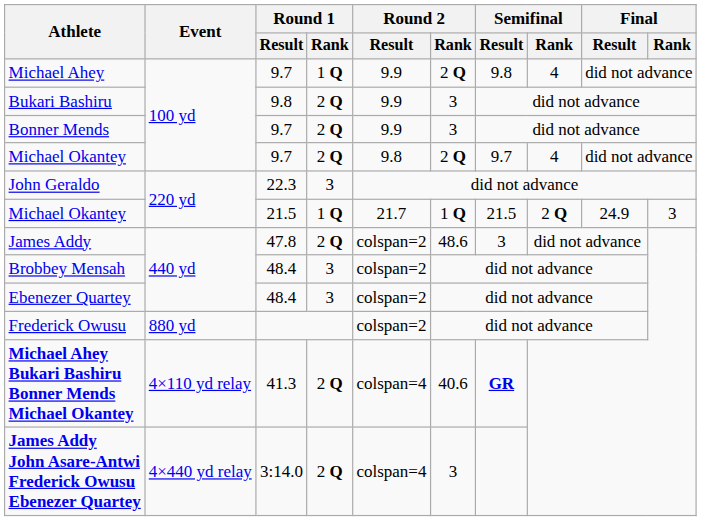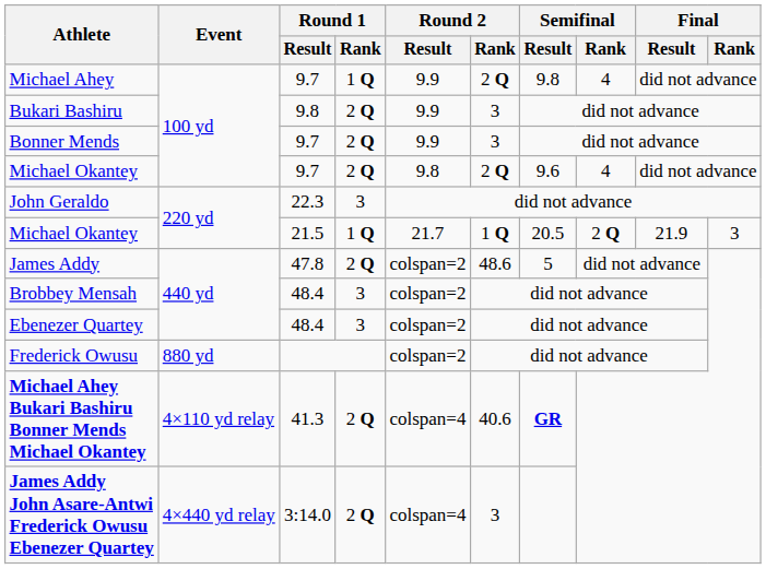 <table class=wikitable style=font-size:90%>
 <tr>
 <th rowspan=2>Athlete</th>
 <th rowspan=2>Event</th>
 <th colspan=2>Round 1</th>
 <th colspan=2>Round 2</th>
 <th colspan=2>Semifinal</th>
 <th colspan=2>Final</th>
 </tr>
 <tr style=font-size:95%>
 <th>Result</th>
 <th>Rank</th>
 <th>Result</th>
 <th>Rank</th>
 <th>Result</th>
 <th>Rank</th>
 <th>Result</th>
 <th>Rank</th>
 </tr>
 <tr align=center>
 <td align=left><a href='#'>Michael Ahey</a></td>
 <td align=left rowspan=4><a href='#'>100 yd</a></td>
 <td>9.7</td>
 <td>1 <strong>Q</strong></td>
 <td>9.9</td>
 <td>2 <strong>Q</strong></td>
 <td>9.8</td>
 <td>4</td>
 <td colspan=2>did not advance</td>
 </tr>
 <tr align=center>
 <td align=left><a href='#'>Bukari Bashiru</a></td>
 <td>9.8</td>
 <td>2 <strong>Q</strong></td>
 <td>9.9</td>
 <td>3</td>
 <td colspan=4>did not advance</td>
 </tr>
 <tr align=center>
 <td align=left><a href='#'>Bonner Mends</a></td>
 <td>9.7</td>
 <td>2 <strong>Q</strong></td>
 <td>9.9</td>
 <td>3</td>
 <td colspan=4>did not advance</td>
 </tr>
 <tr align=center>
 <td align=left><a href='#'>Michael Okantey</a></td>
 <td>9.7</td>
 <td>2 <strong>Q</strong></td>
 <td>9.8</td>
 <td>2 <strong>Q</strong></td>
-<td>9.7</td>
+<td>9.6</td>
 <td>4</td>
 <td colspan=2>did not advance</td>
 </tr>
 <tr align=center>
 <td align=left><a href='#'>John Geraldo</a></td>
 <td align=left rowspan=2><a href='#'>220 yd</a></td>
 <td>22.3</td>
 <td>3</td>
 <td colspan=6>did not advance</td>
 </tr>
 <tr align=center>
 <td align=left><a href='#'>Michael Okantey</a></td>
 <td>21.5</td>
 <td>1 <strong>Q</strong></td>
 <td>21.7</td>
 <td>1 <strong>Q</strong></td>
-<td>21.5</td>
+<td>20.5</td>
 <td>2 <strong>Q</strong></td>
-<td>24.9</td>
+<td>21.9</td>
 <td>3</td>
 </tr>
 <tr align=center>
 <td align=left><a href='#'>James Addy</a></td>
 <td align=left rowspan=3><a href='#'>440 yd</a></td>
 <td>47.8</td>
 <td>2 <strong>Q</strong></td>
 <td>colspan=2 </td>
 <td>48.6</td>
-<td>3</td>
+<td>5</td>
 <td colspan=2>did not advance</td>
 </tr>
 <tr align=center>
 <td align=left><a href='#'>Brobbey Mensah</a></td>
 <td>48.4</td>
 <td>3</td>
 <td>colspan=2 </td>
 <td colspan=4>did not advance</td>
 </tr>
 <tr align=center>
 <td align=left><a href='#'>Ebenezer Quartey</a></td>
 <td>48.4</td>
 <td>3</td>
 <td>colspan=2 </td>
 <td colspan=4>did not advance</td>
 </tr>
 <tr align=center>
 <td align=left><a href='#'>Frederick Owusu</a></td>
 <td align=left><a href='#'>880 yd</a></td>
 <td colspan=2></td>
 <td>colspan=2 </td>
 <td colspan=4>did not advance</td>
 </tr>
 <tr align=center>
 <td align=left><strong><a href='#'>Michael Ahey</a><br><a href='#'>Bukari Bashiru</a><br><a href='#'>Bonner Mends</a><br><a href='#'>Michael Okantey</a></strong></td>
 <td align=left><a href='#'>4×110 yd relay</a></td>
 <td>41.3</td>
 <td>2 <strong>Q</strong></td>
 <td>colspan=4 </td>
 <td>40.6</td>
 <td> <strong><a href='#'>GR</a></strong></td>
 </tr>
 <tr align=center>
 <td align=left><strong><a href='#'>James Addy</a><br><a href='#'>John Asare-Antwi</a><br><a href='#'>Frederick Owusu</a><br><a href='#'>Ebenezer Quartey</a></strong></td>
 <td align=left><a href='#'>4×440 yd relay</a></td>
 <td>3:14.0</td>
 <td>2 <strong>Q</strong></td>
 <td>colspan=4 </td>
 <td>3</td>
 <td></td>
 </tr>
 </table>
